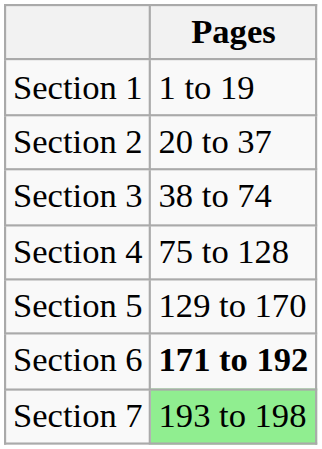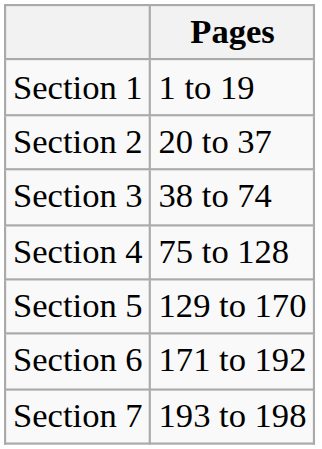 <table class="wikitable">
 <tr>
 <th></th>
 <th>Pages</th>
 </tr>
 <tr>
 <td>Section 1</td>
 <td>1 to 19</td>
 </tr>
 <tr>
 <td>Section 2</td>
 <td>20 to 37</td>
 </tr>
 <tr>
 <td>Section 3</td>
 <td>38 to 74</td>
 </tr>
 <tr>
 <td>Section 4</td>
 <td>75 to 128</td>
 </tr>
 <tr>
 <td>Section 5</td>
 <td>129 to 170</td>
 </tr>
 <tr>
 <td>Section 6</td>
-<td><strong>171 to 192</strong></td>
+<td>171 to 192</td>
 </tr>
 <tr>
 <td>Section 7</td>
-<td style="background: lightgreen;">193 to 198</td>
+<td>193 to 198</td>
 </tr>
 </table>
